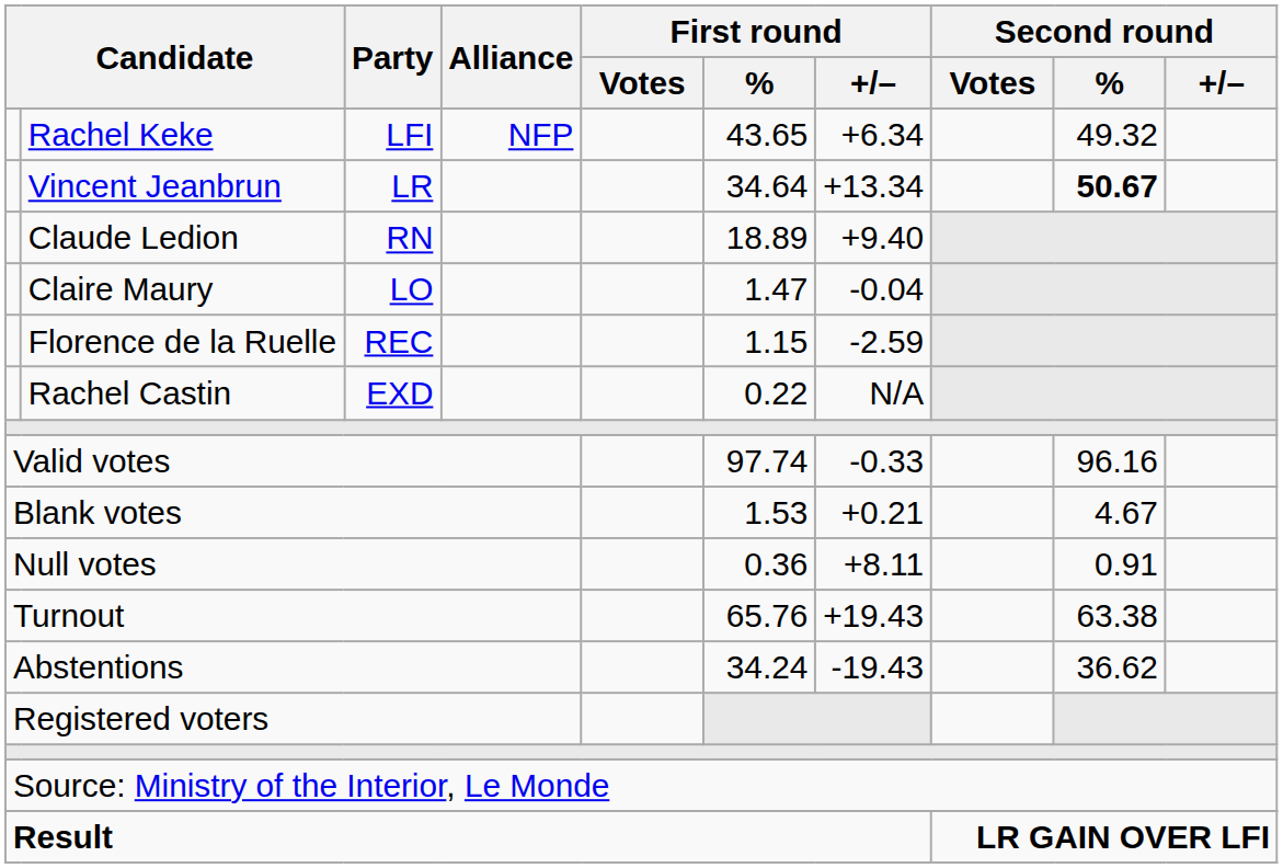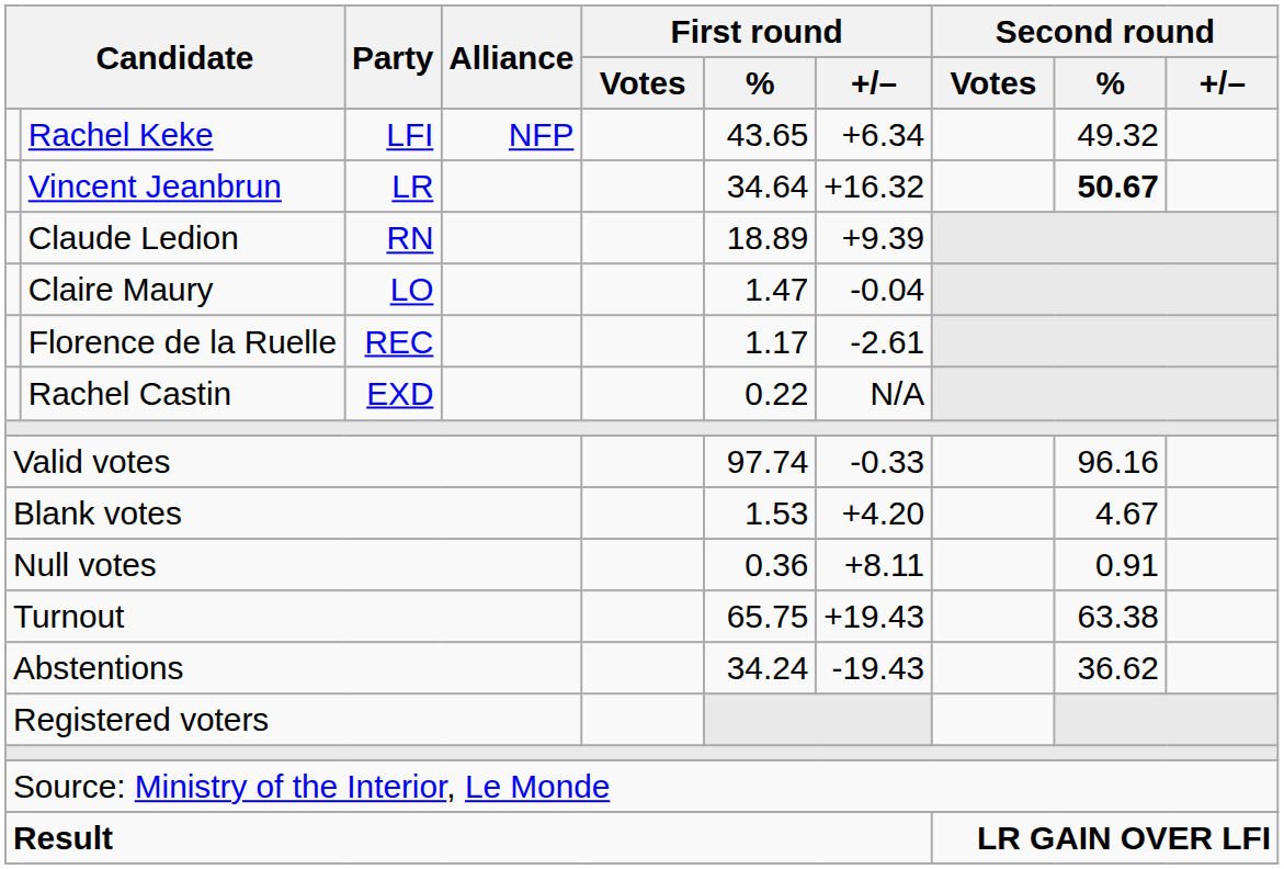 <table class="wikitable" style="text-align:right;font-size:95%;">
 <tr>
 <th rowspan="2" colspan="2">Candidate</th>
 <th rowspan="2">Party</th>
 <th rowspan="2">Alliance</th>
 <th colspan="3">First round</th>
 <th colspan="3">Second round</th>
 </tr>
 <tr>
 <th style="width:50px;">Votes</th>
 <th style="width:45px;">%</th>
 <th style="width:45px;">+/–</th>
 <th style="width:50px;">Votes</th>
 <th style="width:45px;">%</th>
 <th style="width:45px;">+/–</th>
 </tr>
 <tr>
 <td style="color:inherit;background:"></td>
 <td style="text-align:left;"><a href='#'>Rachel Keke</a></td>
 <td><a href='#'>LFI</a></td>
 <td><a href='#'>NFP</a></td>
 <td></td>
 <td>43.65</td>
 <td>+6.34</td>
 <td></td>
 <td>49.32</td>
 <td></td>
 </tr>
 <tr>
 <td style="color:inherit;background:"></td>
 <td style="text-align:left;"><a href='#'>Vincent Jeanbrun</a></td>
 <td><a href='#'>LR</a></td>
 <td></td>
 <td></td>
 <td>34.64</td>
-<td>+13.34</td>
+<td>+16.32</td>
 <td><strong></strong></td>
 <td><strong>50.67</strong></td>
 <td></td>
 </tr>
 <tr>
 <td style="color:inherit;background:"></td>
 <td style="text-align:left;">Claude Ledion</td>
 <td><a href='#'>RN</a></td>
 <td></td>
 <td></td>
 <td>18.89</td>
-<td>+9.40</td>
+<td>+9.39</td>
 <td colspan="3" style="background:#E9E9E9;"></td>
 </tr>
 <tr>
 <td style="color:inherit;background:"></td>
 <td style="text-align:left;">Claire Maury</td>
 <td><a href='#'>LO</a></td>
 <td></td>
 <td></td>
 <td>1.47</td>
 <td>-0.04</td>
 <td colspan="3" style="background:#E9E9E9;"></td>
 </tr>
 <tr>
 <td style="color:inherit;background:"></td>
 <td style="text-align:left;">Florence de la Ruelle</td>
 <td><a href='#'>REC</a></td>
 <td></td>
 <td></td>
-<td>1.15</td>
-<td>-2.59</td>
+<td>1.17</td>
+<td>-2.61</td>
 <td colspan="3" style="background:#E9E9E9;"></td>
 </tr>
 <tr>
 <td style="color:inherit;background:"></td>
 <td style="text-align:left;">Rachel Castin</td>
 <td><a href='#'>EXD</a></td>
 <td></td>
 <td></td>
 <td>0.22</td>
 <td>N/A</td>
 <td colspan="3" style="background:#E9E9E9;"></td>
 </tr>
 <tr>
 <td colspan="10" style="background:#E9E9E9;"></td>
 </tr>
 <tr>
 <td colspan="4" style="text-align:left;">Valid votes</td>
 <td></td>
 <td>97.74</td>
 <td>-0.33</td>
 <td></td>
 <td>96.16</td>
 <td></td>
 </tr>
 <tr>
 <td colspan="4" style="text-align:left;">Blank votes</td>
 <td></td>
 <td>1.53</td>
-<td>+0.21</td>
+<td>+4.20</td>
 <td></td>
 <td>4.67</td>
 <td></td>
 </tr>
 <tr>
 <td colspan="4" style="text-align:left;">Null votes</td>
 <td></td>
 <td>0.36</td>
 <td>+8.11</td>
 <td></td>
 <td>0.91</td>
 <td></td>
 </tr>
 <tr>
 <td colspan="4" style="text-align:left;">Turnout</td>
 <td></td>
-<td>65.76</td>
+<td>65.75</td>
 <td>+19.43</td>
 <td></td>
 <td>63.38</td>
 <td></td>
 </tr>
 <tr>
 <td colspan="4" style="text-align:left;">Abstentions</td>
 <td></td>
 <td>34.24</td>
 <td>-19.43</td>
 <td></td>
 <td>36.62</td>
 <td></td>
 </tr>
 <tr>
 <td colspan="4" style="text-align:left;">Registered voters</td>
 <td></td>
 <td colspan="2" style="background:#E9E9E9;"></td>
 <td></td>
 <td colspan="2" style="background:#E9E9E9;"></td>
 </tr>
 <tr>
 <td colspan="10" style="background:#E9E9E9;"></td>
 </tr>
 <tr>
 <td colspan="10" style="text-align:left;">Source: <a href='#'>Ministry of the Interior</a>, <a href='#'>Le Monde</a></td>
 </tr>
 <tr>
 </tr>
 <tr style="font-weight:bold">
 <td colspan="7" style="text-align:left;">Result</td>
 <td colspan="7" style="background-color:">LR GAIN OVER LFI</td>
 </tr>
 </table>
